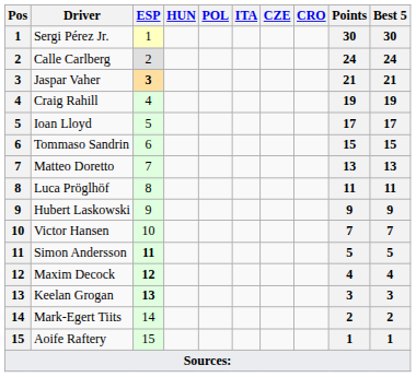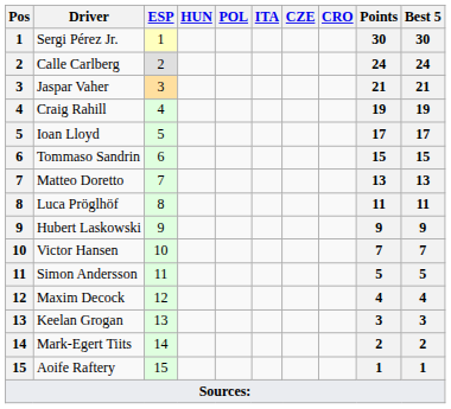 <table class="wikitable" style="font-size: 85%; text-align: center">
 <tr valign="top">
 <th valign="middle">Pos</th>
 <th valign="middle">Driver</th>
 <th><a href='#'>ESP</a><br></th>
 <th><a href='#'>HUN</a><br></th>
 <th><a href='#'>POL</a><br></th>
 <th><a href='#'>ITA</a><br></th>
 <th><a href='#'>CZE</a><br></th>
 <th><a href='#'>CRO</a><br></th>
 <th valign="middle">Points</th>
 <th valign="middle">Best 5</th>
 </tr>
 <tr>
 <th>1</th>
 <td align="left"> Sergi Pérez Jr.</td>
 <td style="background:#FFFFBF;">1</td>
 <td></td>
 <td></td>
 <td></td>
 <td></td>
 <td></td>
 <th>30</th>
 <th>30</th>
 </tr>
 <tr>
 <th>2</th>
 <td align="left"> Calle Carlberg</td>
 <td style="background:#DFDFDF;">2</td>
 <td></td>
 <td></td>
 <td></td>
 <td></td>
 <td></td>
 <th>24</th>
 <th>24</th>
 </tr>
 <tr>
 <th>3</th>
 <td align="left"> Jaspar Vaher</td>
-<td style="background:#FFDF9F;"><strong>3</strong></td>
+<td style="background:#FFDF9F;">3</td>
 <td></td>
 <td></td>
 <td></td>
 <td></td>
 <td></td>
 <th>21</th>
 <th>21</th>
 </tr>
 <tr>
 <th>4</th>
 <td align="left"> Craig Rahill</td>
 <td style="background:#DFFFDF;">4</td>
 <td></td>
 <td></td>
 <td></td>
 <td></td>
 <td></td>
 <th>19</th>
 <th>19</th>
 </tr>
 <tr>
 <th>5</th>
 <td align="left"> Ioan Lloyd</td>
 <td style="background:#DFFFDF;">5</td>
 <td></td>
 <td></td>
 <td></td>
 <td></td>
 <td></td>
 <th>17</th>
 <th>17</th>
 </tr>
 <tr>
 <th>6</th>
 <td align="left"> Tommaso Sandrin</td>
 <td style="background:#DFFFDF;">6</td>
 <td></td>
 <td></td>
 <td></td>
 <td></td>
 <td></td>
 <th>15</th>
 <th>15</th>
 </tr>
 <tr>
 <th>7</th>
 <td align="left"> Matteo Doretto</td>
 <td style="background:#DFFFDF;">7</td>
 <td></td>
 <td></td>
 <td></td>
 <td></td>
 <td></td>
 <th>13</th>
 <th>13</th>
 </tr>
 <tr>
 <th>8</th>
 <td align="left"> Luca Pröglhöf</td>
 <td style="background:#DFFFDF;">8</td>
 <td></td>
 <td></td>
 <td></td>
 <td></td>
 <td></td>
 <th>11</th>
 <th>11</th>
 </tr>
 <tr>
 <th>9</th>
 <td align="left"> Hubert Laskowski</td>
 <td style="background:#DFFFDF;">9</td>
 <td></td>
 <td></td>
 <td></td>
 <td></td>
 <td></td>
 <th>9</th>
 <th>9</th>
 </tr>
 <tr>
 <th>10</th>
 <td align="left"> Victor Hansen</td>
 <td style="background:#DFFFDF;">10</td>
 <td></td>
 <td></td>
 <td></td>
 <td></td>
 <td></td>
 <th>7</th>
 <th>7</th>
 </tr>
 <tr>
 <th>11</th>
 <td align="left"> Simon Andersson</td>
-<td style="background:#DFFFDF;"><strong>11</strong></td>
+<td style="background:#DFFFDF;">11</td>
 <td></td>
 <td></td>
 <td></td>
 <td></td>
 <td></td>
 <th>5</th>
 <th>5</th>
 </tr>
 <tr>
 <th>12</th>
 <td align="left"> Maxim Decock</td>
-<td style="background:#DFFFDF;"><strong>12</strong></td>
+<td style="background:#DFFFDF;">12</td>
 <td></td>
 <td></td>
 <td></td>
 <td></td>
 <td></td>
 <th>4</th>
 <th>4</th>
 </tr>
 <tr>
 <th>13</th>
 <td align="left"> Keelan Grogan</td>
-<td style="background:#DFFFDF;"><strong>13</strong></td>
+<td style="background:#DFFFDF;">13</td>
 <td></td>
 <td></td>
 <td></td>
 <td></td>
 <td></td>
 <th>3</th>
 <th>3</th>
 </tr>
 <tr>
 <th>14</th>
 <td align="left"> Mark-Egert Tiits</td>
 <td style="background:#DFFFDF;">14</td>
 <td></td>
 <td></td>
 <td></td>
 <td></td>
 <td></td>
 <th>2</th>
 <th>2</th>
 </tr>
 <tr>
 <th>15</th>
 <td align="left"> Aoife Raftery</td>
 <td style="background:#DFFFDF;">15</td>
 <td></td>
 <td></td>
 <td></td>
 <td></td>
 <td></td>
 <th>1</th>
 <th>1</th>
 </tr>
 <tr>
 <td colspan="12" style="background-color:#EAECF0;text-align:center"><strong>Sources:</strong></td>
 </tr>
 </table>
